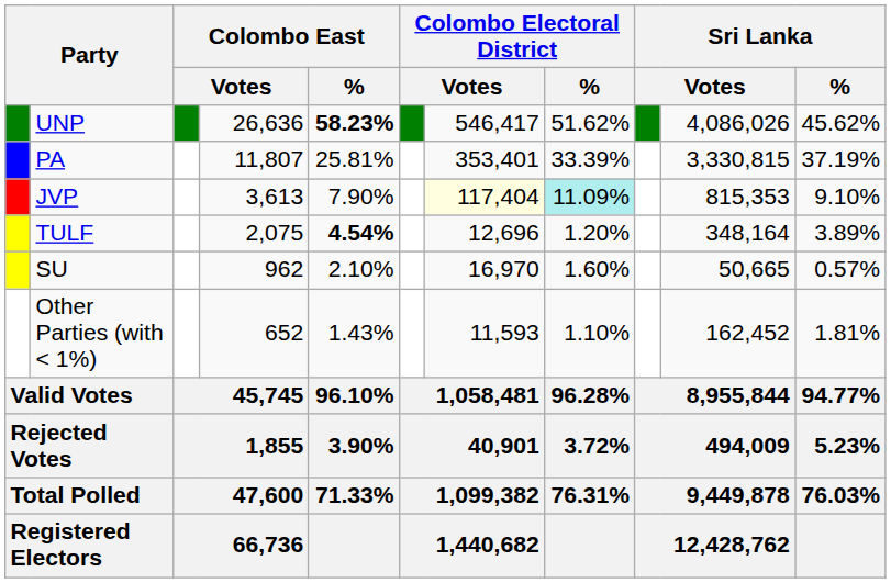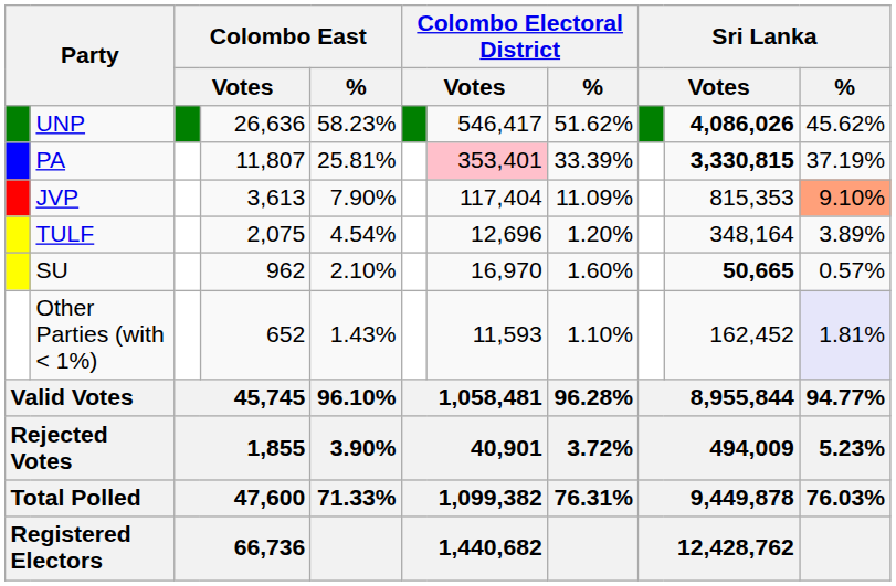 <table class="wikitable">
 <tr>
 <th colspan="2" width="144px"rowspan="2">Party</th>
 <th colspan="3" width="216px">Colombo East</th>
 <th colspan="3" width="216px"><a href='#'>Colombo Electoral District</a></th>
 <th colspan="3" width="216px">Sri Lanka</th>
 </tr>
 <tr>
 <th colspan="2" width="144px">Votes</th>
 <th>%</th>
 <th colspan="2" width="144px">Votes</th>
 <th>%</th>
 <th colspan="2" width="144px">Votes</th>
 <th>%</th>
 </tr>
 <tr>
 <td style="background-color:green;" width="10px"></td>
 <td style="text-align:left;"><a href='#'>UNP</a></td>
 <td style="background-color:green;" width="10px"></td>
 <td style="text-align:right;">26,636</td>
-<td style="text-align:right;"><strong>58.23%</strong></td>
+<td style="text-align:right;">58.23%</td>
 <td style="background-color:green;" width="10px"></td>
 <td style="text-align:right;">546,417</td>
 <td style="text-align:right;">51.62%</td>
 <td style="background-color:green;" width="10px"></td>
-<td style="text-align:right;">4,086,026</td>
+<td style="text-align:right;"><strong>4,086,026</strong></td>
 <td style="text-align:right;">45.62%</td>
 </tr>
 <tr>
 <td style="background-color:blue;" width="10px"></td>
 <td style="text-align:left;"><a href='#'>PA</a></td>
 <td style="background-color:white;" width="10px"></td>
 <td style="text-align:right;">11,807</td>
 <td style="text-align:right;">25.81%</td>
 <td style="background-color:white;" width="10px"></td>
-<td style="text-align:right;">353,401</td>
+<td style="background: pink; text-align:right;">353,401</td>
 <td style="text-align:right;">33.39%</td>
 <td style="background-color:white;" width="10px"></td>
-<td style="text-align:right;">3,330,815</td>
+<td style="text-align:right;"><strong>3,330,815</strong></td>
 <td style="text-align:right;">37.19%</td>
 </tr>
 <tr>
 <td style="background-color:red;" width="10px"></td>
 <td style="text-align:left;"><a href='#'>JVP</a></td>
 <td style="background-color:white;" width="10px"></td>
 <td style="text-align:right;">3,613</td>
 <td style="text-align:right;">7.90%</td>
 <td style="background-color:white;" width="10px"></td>
-<td style="background: lightyellow; text-align:right;">117,404</td>
-<td style="background: paleturquoise; text-align:right;">11.09%</td>
+<td style="text-align:right;">117,404</td>
+<td style="text-align:right;">11.09%</td>
 <td style="background-color:white;" width="10px"></td>
 <td style="text-align:right;">815,353</td>
-<td style="text-align:right;">9.10%</td>
+<td style="background: lightsalmon; text-align:right;">9.10%</td>
 </tr>
 <tr>
 <td style="background-color:yellow;" width="10px"></td>
 <td style="text-align:left;"><a href='#'>TULF</a></td>
 <td style="background-color:white;" width="10px"></td>
 <td style="text-align:right;">2,075</td>
-<td style="text-align:right;"><strong>4.54%</strong></td>
+<td style="text-align:right;">4.54%</td>
 <td style="background-color:white;" width="10px"></td>
 <td style="text-align:right;">12,696</td>
 <td style="text-align:right;">1.20%</td>
 <td style="background-color:white;" width="10px"></td>
 <td style="text-align:right;">348,164</td>
 <td style="text-align:right;">3.89%</td>
 </tr>
 <tr>
 <td style="background-color:yellow;" width="10px"></td>
 <td style="text-align:left;">SU</td>
 <td style="background-color:white;" width="10px"></td>
 <td style="text-align:right;">962</td>
 <td style="text-align:right;">2.10%</td>
 <td style="background-color:white;" width="10px"></td>
 <td style="text-align:right;">16,970</td>
 <td style="text-align:right;">1.60%</td>
 <td style="background-color:white;" width="10px"></td>
-<td style="text-align:right;">50,665</td>
+<td style="text-align:right;"><strong>50,665</strong></td>
 <td style="text-align:right;">0.57%</td>
 </tr>
 <tr>
 <td style="background-color:white;" width="10px"></td>
 <td style="text-align:left;">Other Parties (with < 1%)</td>
 <td style="background-color:white;" width="10px"></td>
 <td style="text-align:right;">652</td>
 <td style="text-align:right;">1.43%</td>
 <td style="background-color:white;" width="10px"></td>
 <td style="text-align:right;">11,593</td>
 <td style="text-align:right;">1.10%</td>
 <td style="background-color:white;" width="10px"></td>
 <td style="text-align:right;">162,452</td>
-<td style="text-align:right;">1.81%</td>
+<td style="background: lavender; text-align:right;">1.81%</td>
 </tr>
 <tr>
 <th colspan="2" width="144px"style="text-align:left;">Valid Votes</th>
 <th style="text-align:right;"colspan="2" width="144px">45,745</th>
 <th style="text-align:right;">96.10%</th>
 <th style="text-align:right;"colspan="2" width="144px">1,058,481</th>
 <th style="text-align:right;">96.28%</th>
 <th style="text-align:right;"colspan="2" width="144px">8,955,844</th>
 <th style="text-align:right;">94.77%</th>
 </tr>
 <tr>
 <th colspan="2" width="144px"style="text-align:left;">Rejected Votes</th>
 <th style="text-align:right;"colspan="2" width="144px">1,855</th>
 <th style="text-align:right;">3.90%</th>
 <th style="text-align:right;"colspan="2" width="144px">40,901</th>
 <th style="text-align:right;">3.72%</th>
 <th style="text-align:right;"colspan="2" width="144px">494,009</th>
 <th style="text-align:right;">5.23%</th>
 </tr>
 <tr>
 <th colspan="2" width="144px"style="text-align:left;">Total Polled</th>
 <th style="text-align:right;"colspan="2" width="144px">47,600</th>
 <th style="text-align:right;">71.33%</th>
 <th style="text-align:right;"colspan="2" width="144px">1,099,382</th>
 <th style="text-align:right;">76.31%</th>
 <th style="text-align:right;"colspan="2" width="144px">9,449,878</th>
 <th style="text-align:right;">76.03%</th>
 </tr>
 <tr>
 <th colspan="2" width="144px"style="text-align:left;">Registered Electors</th>
 <th style="text-align:right;"colspan="2" width="144px">66,736</th>
 <th></th>
 <th style="text-align:right;"colspan="2" width="144px">1,440,682</th>
 <th></th>
 <th style="text-align:right;"colspan="2" width="144px">12,428,762</th>
 <th></th>
 </tr>
 </table>
